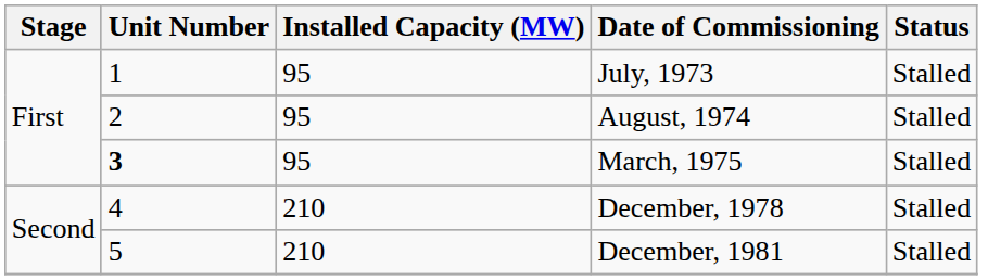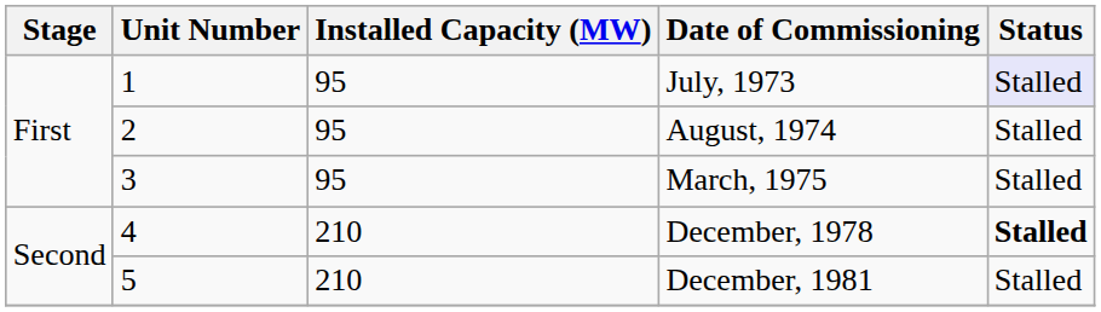 <table class="sortable wikitable">
 <tr>
 <th>Stage</th>
 <th>Unit Number</th>
 <th>Installed Capacity (<a href='#'>MW</a>)</th>
 <th>Date of Commissioning</th>
 <th>Status</th>
 </tr>
 <tr>
 <td rowspan="3">First</td>
 <td>1</td>
 <td>95</td>
 <td>July, 1973</td>
-<td>Stalled</td>
+<td style="background: lavender;">Stalled</td>
 </tr>
 <tr>
 <td>2</td>
 <td>95</td>
 <td>August, 1974</td>
 <td>Stalled</td>
 </tr>
 <tr>
-<td><strong>3</strong></td>
+<td>3</td>
 <td>95</td>
 <td>March, 1975</td>
 <td>Stalled</td>
 </tr>
 <tr>
 <td rowspan="2">Second</td>
 <td>4</td>
 <td>210</td>
 <td>December, 1978</td>
-<td>Stalled</td>
+<td><strong>Stalled</strong></td>
 </tr>
 <tr>
 <td>5</td>
 <td>210</td>
 <td>December, 1981</td>
 <td>Stalled</td>
 </tr>
 <tr>
 </tr>
 </table>
